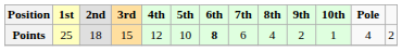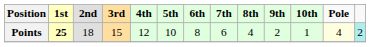 <table class="wikitable" style="font-size:85%; text-align:center">
 <tr>
 <th>Position</th>
 <td style="background:#ffffbf;"> <strong>1st</strong> </td>
 <td style="background:#dfdfdf;"> <strong>2nd</strong> </td>
 <td style="background:#ffdf9f;"> <strong>3rd</strong> </td>
 <td style="background:#dfffdf;"> <strong>4th</strong> </td>
 <td style="background:#dfffdf;"> <strong>5th</strong> </td>
 <td style="background:#dfffdf;"> <strong>6th</strong> </td>
 <td style="background:#dfffdf;"> <strong>7th</strong> </td>
 <td style="background:#dfffdf;"> <strong>8th</strong> </td>
 <td style="background:#dfffdf;"> <strong>9th</strong> </td>
 <td style="background:#dfffdf;"> <strong>10th</strong> </td>
 <td> <strong>Pole</strong> </td>
 <td>  </td>
 </tr>
 <tr>
 <th>Points</th>
-<td style="background:#ffffbf;">25</td>
+<td style="background:#ffffbf;"><strong>25</strong></td>
 <td style="background:#dfdfdf;">18</td>
 <td style="background:#ffdf9f;">15</td>
 <td style="background:#dfffdf;">12</td>
 <td style="background:#dfffdf;">10</td>
-<td style="background:#dfffdf;"><strong>8</strong></td>
+<td style="background:#dfffdf;">8</td>
 <td style="background:#dfffdf;">6</td>
 <td style="background:#dfffdf;">4</td>
 <td style="background:#dfffdf;">2</td>
 <td style="background:#dfffdf;">1</td>
-<td>4</td>
-<td>2</td>
+<td style="background: lightyellow;">4</td>
+<td style="background: paleturquoise;">2</td>
 </tr>
 <tr>
 </tr>
 </table>
